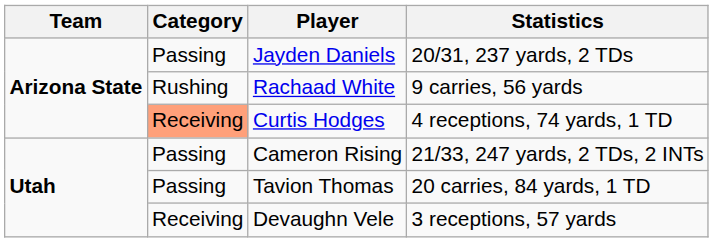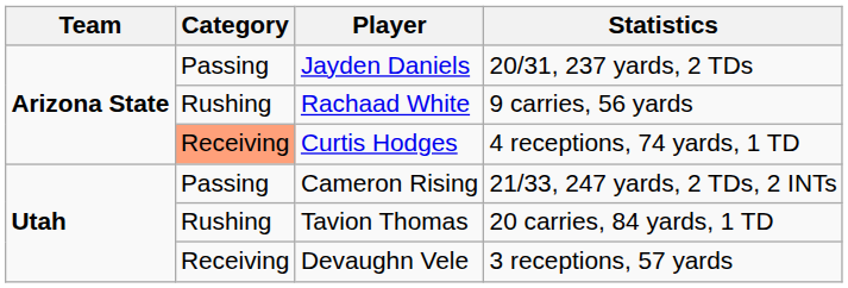 <table class="wikitable" style="float: left;">
 <tr>
 <th>Team</th>
 <th>Category</th>
 <th>Player</th>
 <th>Statistics</th>
 </tr>
 <tr>
 <td rowspan=3><strong>Arizona State</strong></td>
 <td>Passing</td>
 <td><a href='#'>Jayden Daniels</a></td>
 <td>20/31, 237 yards, 2 TDs</td>
 </tr>
 <tr>
 <td>Rushing</td>
 <td><a href='#'>Rachaad White</a></td>
 <td>9 carries, 56 yards</td>
 </tr>
 <tr>
 <td style="background: lightsalmon;">Receiving</td>
 <td><a href='#'>Curtis Hodges</a></td>
 <td>4 receptions, 74 yards, 1 TD</td>
 </tr>
 <tr>
 <td rowspan=3><strong>Utah</strong></td>
 <td>Passing</td>
 <td>Cameron Rising</td>
 <td>21/33, 247 yards, 2 TDs, 2 INTs</td>
 </tr>
 <tr>
-<td>Passing</td>
+<td>Rushing</td>
 <td>Tavion Thomas</td>
 <td>20 carries, 84 yards, 1 TD</td>
 </tr>
 <tr>
 <td>Receiving</td>
 <td>Devaughn Vele</td>
 <td>3 receptions, 57 yards</td>
 </tr>
 </table>
